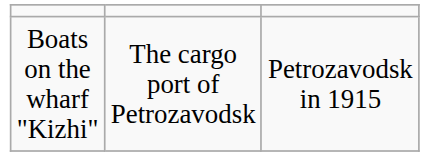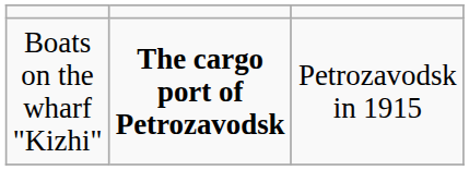 <table Class="wikitable" style="margin:1em auto; text-align: center">
 <tr>
 <td style="width:26px; %;"></td>
 <td style="width:24px; %;"></td>
 <td style="width:26px; %;"></td>
 </tr>
 <tr>
 <td>Boats on the wharf "Kizhi"</td>
-<td>The cargo port of Petrozavodsk</td>
+<td><strong>The cargo port of Petrozavodsk</strong></td>
 <td>Petrozavodsk in 1915</td>
 </tr>
 </table>
